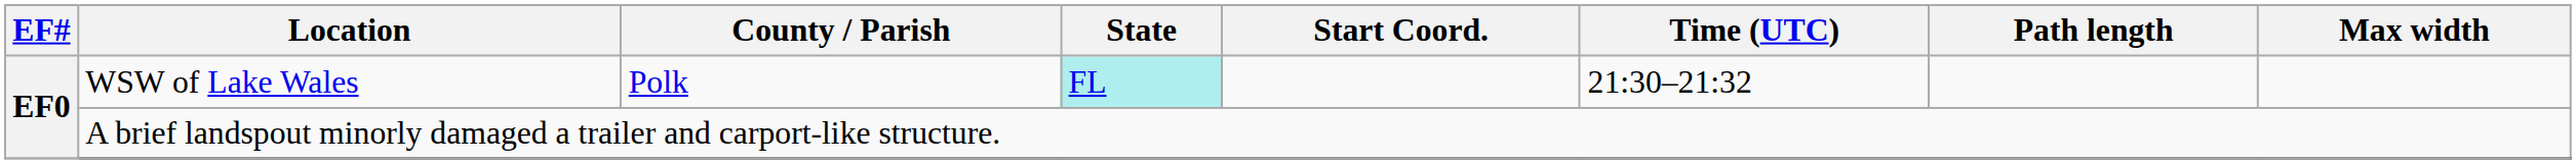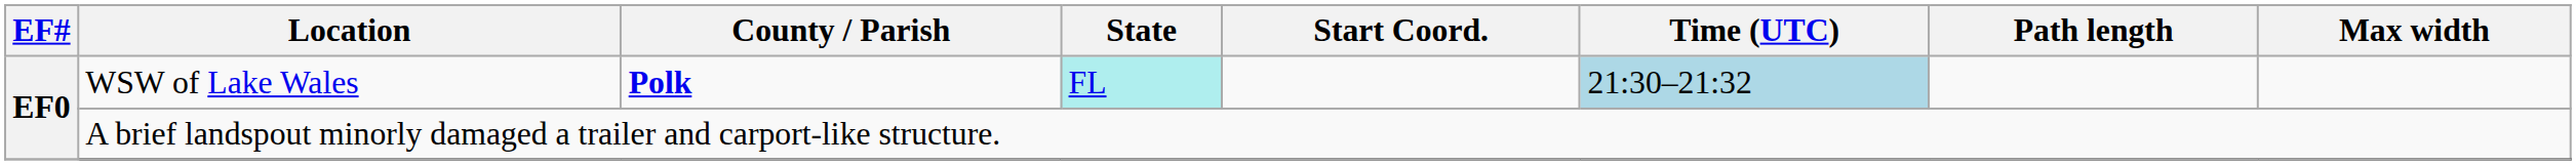 <table class="wikitable sortable" style="width:100%;">
 <tr>
 <th scope="col" width="2%" align="center"><a href='#'>EF#</a></th>
 <th scope="col" align="center" class="unsortable">Location</th>
 <th scope="col" align="center" class="unsortable">County / Parish</th>
 <th scope="col" align="center">State</th>
 <th scope="col" align="center">Start Coord.</th>
 <th scope="col" align="center">Time (<a href='#'>UTC</a>)</th>
 <th scope="col" align="center">Path length</th>
 <th scope="col" align="center">Max width</th>
 </tr>
 <tr>
 <th scope="row" rowspan="2" style="background-color:#">EF0</th>
 <td>WSW of <a href='#'>Lake Wales</a></td>
-<td><a href='#'>Polk</a></td>
+<td><strong><a href='#'>Polk</a></strong></td>
 <td style="background: paleturquoise;"><a href='#'>FL</a></td>
 <td></td>
-<td>21:30–21:32</td>
+<td style="background: lightblue;">21:30–21:32</td>
 <td></td>
 <td></td>
 </tr>
 <tr class="expand-child">
 <td colspan="8" style=" border-bottom: 1px solid black;">A brief landspout minorly damaged a trailer and carport-like structure.</td>
 </tr>
 <tr>
 </tr>
 </table>
